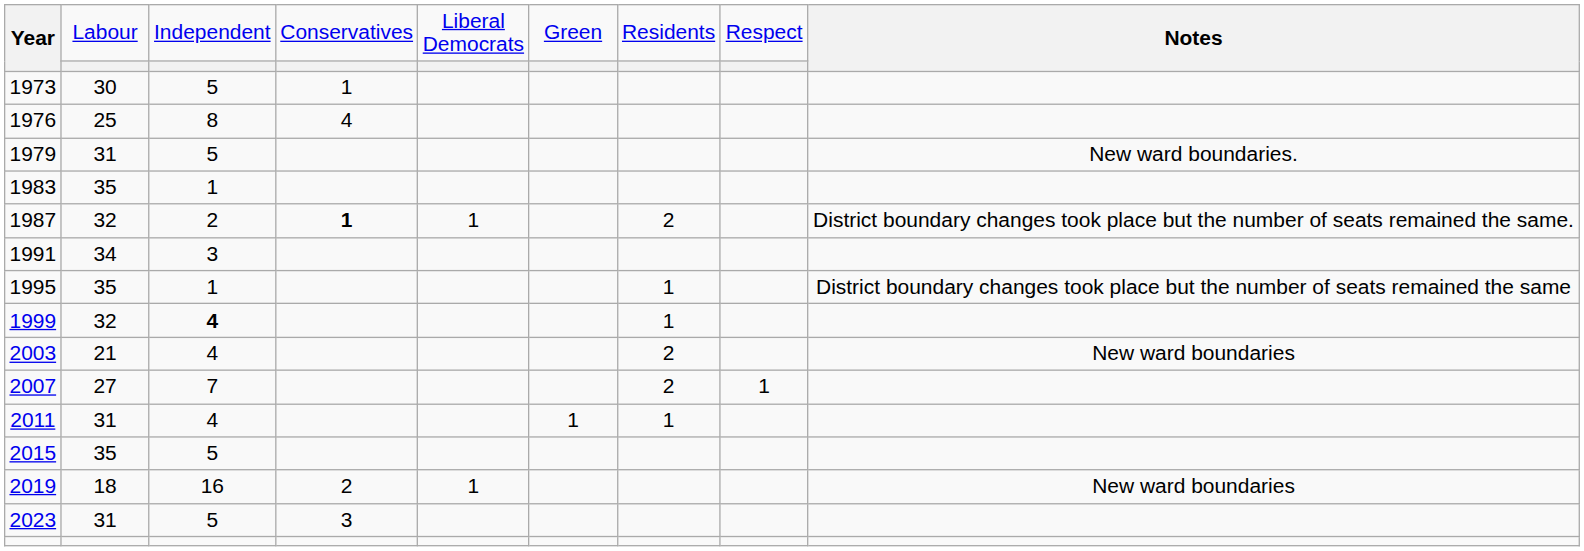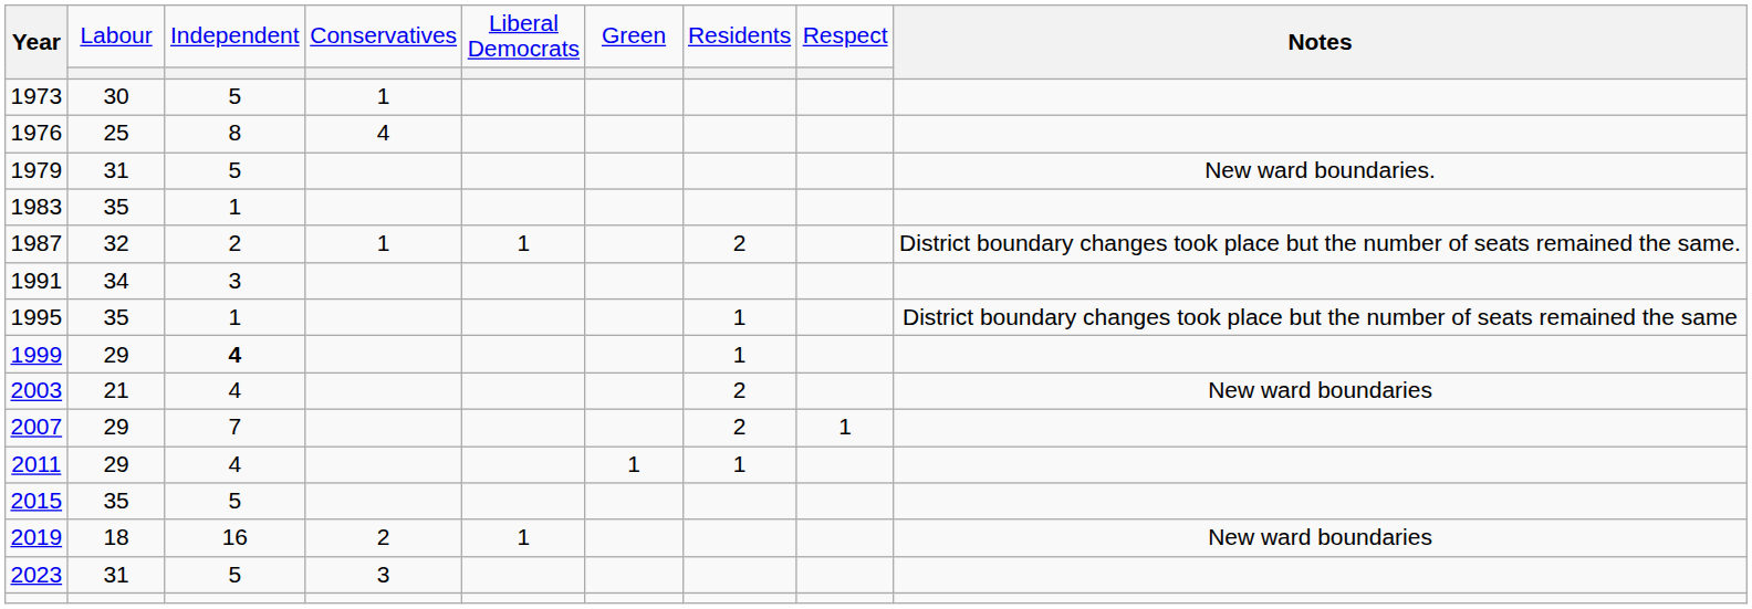 <table class=wikitable style=text-align:center>
 <tr>
 <th rowspan=2>Year</th>
 <td width="60"><a href='#'>Labour</a></td>
 <td width="60"><a href='#'>Independent</a></td>
 <td width="60"><a href='#'>Conservatives</a></td>
 <td width="60"><a href='#'>Liberal Democrats</a></td>
 <td width="60"><a href='#'>Green</a></td>
 <td width="60"><a href='#'>Residents</a></td>
 <td width="60"><a href='#'>Respect</a></td>
 <th rowspan="2">Notes</th>
 </tr>
 <tr>
 <th style="background-color: "></th>
 <th style="background-color: "></th>
 <th style="background-color: "></th>
 <th style="background-color: "></th>
 <th style="background-color: "></th>
 <th style="background-color: "></th>
 <th style="background-color: "></th>
 </tr>
 <tr>
 <td>1973</td>
 <td>30</td>
 <td>5</td>
 <td>1</td>
 <td></td>
 <td></td>
 <td></td>
 <td></td>
 <td></td>
 </tr>
 <tr>
 <td>1976</td>
 <td>25</td>
 <td>8</td>
 <td>4</td>
 <td></td>
 <td></td>
 <td></td>
 <td></td>
 <td></td>
 </tr>
 <tr>
 <td>1979</td>
 <td>31</td>
 <td>5</td>
 <td></td>
 <td></td>
 <td></td>
 <td></td>
 <td></td>
 <td>New ward boundaries.</td>
 </tr>
 <tr>
 <td>1983</td>
 <td>35</td>
 <td>1</td>
 <td></td>
 <td></td>
 <td></td>
 <td></td>
 <td></td>
 <td></td>
 </tr>
 <tr>
 <td>1987</td>
 <td>32</td>
 <td>2</td>
-<td><strong>1</strong></td>
+<td>1</td>
 <td>1</td>
 <td></td>
 <td>2</td>
 <td></td>
 <td>District boundary changes took place but the number of seats remained the same.</td>
 </tr>
 <tr>
 <td>1991</td>
 <td>34</td>
 <td>3</td>
 <td></td>
 <td></td>
 <td></td>
 <td></td>
 <td></td>
 <td></td>
 </tr>
 <tr>
 <td>1995</td>
 <td>35</td>
 <td>1</td>
 <td></td>
 <td></td>
 <td></td>
 <td>1</td>
 <td></td>
 <td>District boundary changes took place but the number of seats remained the same</td>
 </tr>
 <tr>
 <td><a href='#'>1999</a></td>
-<td>32</td>
+<td>29</td>
 <td><strong>4</strong></td>
 <td></td>
 <td></td>
 <td></td>
 <td>1</td>
 <td></td>
 <td></td>
 </tr>
 <tr>
 <td><a href='#'>2003</a></td>
 <td>21</td>
 <td>4</td>
 <td></td>
 <td></td>
 <td></td>
 <td>2</td>
 <td></td>
 <td>New ward boundaries</td>
 </tr>
 <tr>
 <td><a href='#'>2007</a></td>
-<td>27</td>
+<td>29</td>
 <td>7</td>
 <td></td>
 <td></td>
 <td></td>
 <td>2</td>
 <td>1</td>
 <td></td>
 </tr>
 <tr>
 <td><a href='#'>2011</a></td>
-<td>31</td>
+<td>29</td>
 <td>4</td>
 <td></td>
 <td></td>
 <td>1</td>
 <td>1</td>
 <td></td>
 <td></td>
 </tr>
 <tr>
 <td><a href='#'>2015</a></td>
 <td>35</td>
 <td>5</td>
 <td></td>
 <td></td>
 <td></td>
 <td></td>
 <td></td>
 <td></td>
 </tr>
 <tr>
 <td><a href='#'>2019</a></td>
 <td>18</td>
 <td>16</td>
 <td>2</td>
 <td>1</td>
 <td></td>
 <td></td>
 <td></td>
 <td>New ward boundaries</td>
 </tr>
 <tr>
 <td><a href='#'>2023</a></td>
 <td>31</td>
 <td>5</td>
 <td>3</td>
 <td></td>
 <td></td>
 <td></td>
 <td></td>
 <td></td>
 </tr>
 <tr>
 <td></td>
 <td style="background-color: "></td>
 <td style="background-color: "></td>
 <td style="background-color: "></td>
 <td style="background-color: "></td>
 <td style="background-color: "></td>
 <td style="background-color: "></td>
 <td style="background-color: "></td>
 <td></td>
 </tr>
 </table>
